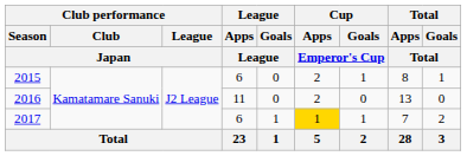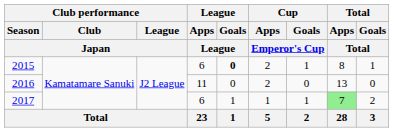 <table class="wikitable" style="text-align:center;">
 <tr>
 <th colspan=3>Club performance</th>
 <th colspan=2>League</th>
 <th colspan=2>Cup</th>
 <th colspan=2>Total</th>
 </tr>
 <tr>
 <th>Season</th>
 <th>Club</th>
 <th>League</th>
 <th>Apps</th>
 <th>Goals</th>
 <th>Apps</th>
 <th>Goals</th>
 <th>Apps</th>
 <th>Goals</th>
 </tr>
 <tr>
 <th colspan=3>Japan</th>
 <th colspan=2>League</th>
 <th colspan=2><a href='#'>Emperor's Cup</a></th>
 <th colspan=2>Total</th>
 </tr>
 <tr>
 <td><a href='#'>2015</a></td>
 <td rowspan="3"><a href='#'>Kamatamare Sanuki</a></td>
 <td rowspan="3"><a href='#'>J2 League</a></td>
 <td>6</td>
-<td>0</td>
+<td><strong>0</strong></td>
 <td>2</td>
 <td>1</td>
 <td>8</td>
 <td>1</td>
 </tr>
 <tr>
 <td><a href='#'>2016</a></td>
 <td>11</td>
 <td>0</td>
 <td>2</td>
 <td>0</td>
 <td>13</td>
 <td>0</td>
 </tr>
 <tr>
 <td><a href='#'>2017</a></td>
 <td>6</td>
 <td>1</td>
-<td style="background: gold;">1</td>
 <td>1</td>
-<td>7</td>
+<td>1</td>
+<td style="background: lightgreen;">7</td>
 <td>2</td>
 </tr>
 <tr>
 <th colspan=3>Total</th>
 <th>23</th>
 <th>1</th>
 <th>5</th>
 <th>2</th>
 <th>28</th>
 <th>3</th>
 </tr>
 </table>
